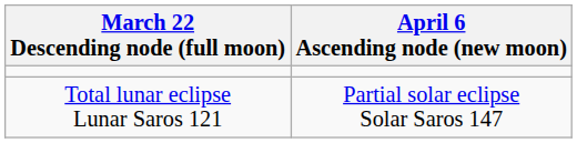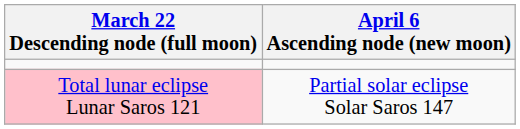 <table class="wikitable">
 <tr>
 <th><a href='#'>March 22</a><br>Descending node (full moon)</th>
 <th><a href='#'>April 6</a><br>Ascending node (new moon)</th>
 </tr>
 <tr>
 <td></td>
 <td></td>
 </tr>
 <tr align=center>
-<td><a href='#'>Total lunar eclipse</a><br>Lunar Saros 121</td>
+<td style="background: pink;"><a href='#'>Total lunar eclipse</a><br>Lunar Saros 121</td>
 <td><a href='#'>Partial solar eclipse</a><br>Solar Saros 147</td>
 </tr>
 </table>
